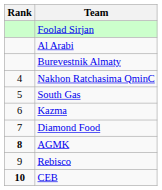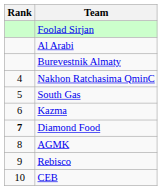 <table class="wikitable" style="text-align:center">
 <tr>
 <th width=40>Rank</th>
 <th>Team</th>
 </tr>
 <tr bgcolor=#ccffcc>
 <td></td>
 <td style="text-align:left"> <a href='#'>Foolad Sirjan</a></td>
 </tr>
 <tr>
 <td></td>
 <td style="text-align:left"> <a href='#'>Al Arabi</a></td>
 </tr>
 <tr>
 <td></td>
 <td style="text-align:left"> <a href='#'>Burevestnik Almaty</a></td>
 </tr>
 <tr>
 <td>4</td>
 <td style="text-align:left"> <a href='#'>Nakhon Ratchasima QminC</a></td>
 </tr>
 <tr>
 <td>5</td>
 <td style="text-align:left"> <a href='#'>South Gas</a></td>
 </tr>
 <tr>
 <td>6</td>
 <td style="text-align:left"> <a href='#'>Kazma</a></td>
 </tr>
 <tr>
-<td>7</td>
+<td><strong>7</strong></td>
 <td style="text-align:left"> <a href='#'>Diamond Food</a></td>
 </tr>
 <tr>
-<td><strong>8</strong></td>
+<td>8</td>
 <td style="text-align:left"> <a href='#'>AGMK</a></td>
 </tr>
 <tr>
 <td>9</td>
 <td style="text-align:left"> <a href='#'>Rebisco</a></td>
 </tr>
 <tr>
-<td><strong>10</strong></td>
+<td>10</td>
 <td style="text-align:left"> <a href='#'>CEB</a></td>
 </tr>
 </table>
